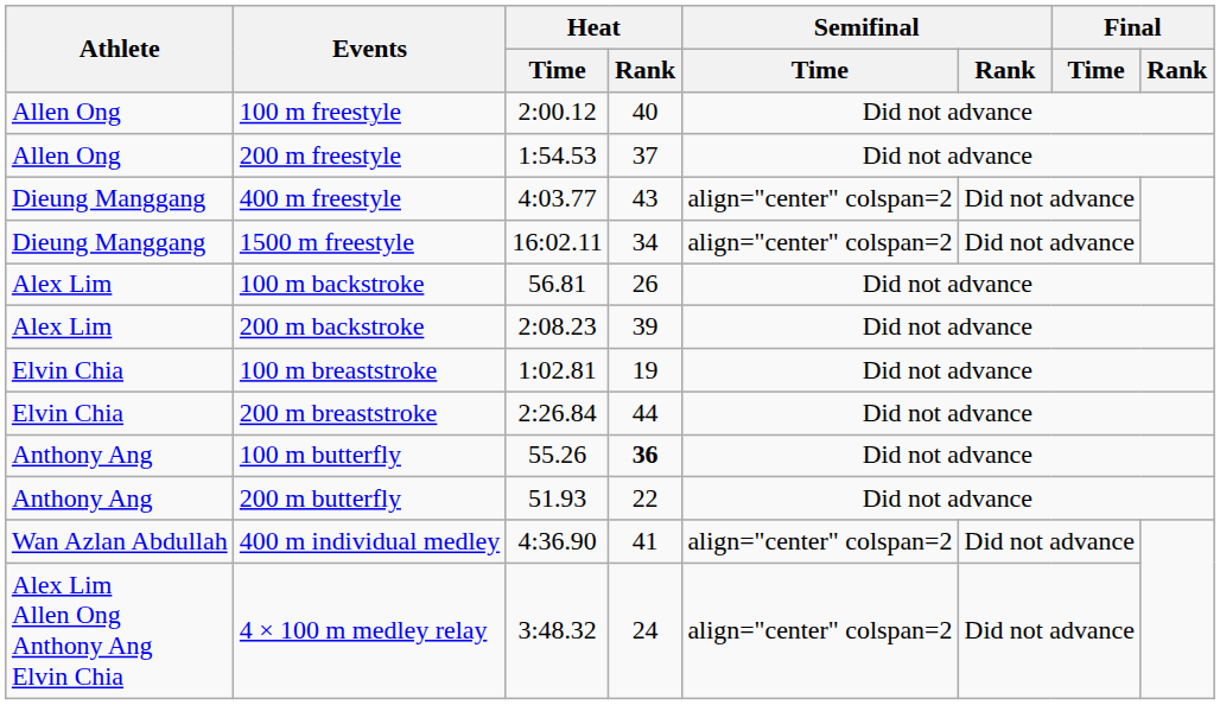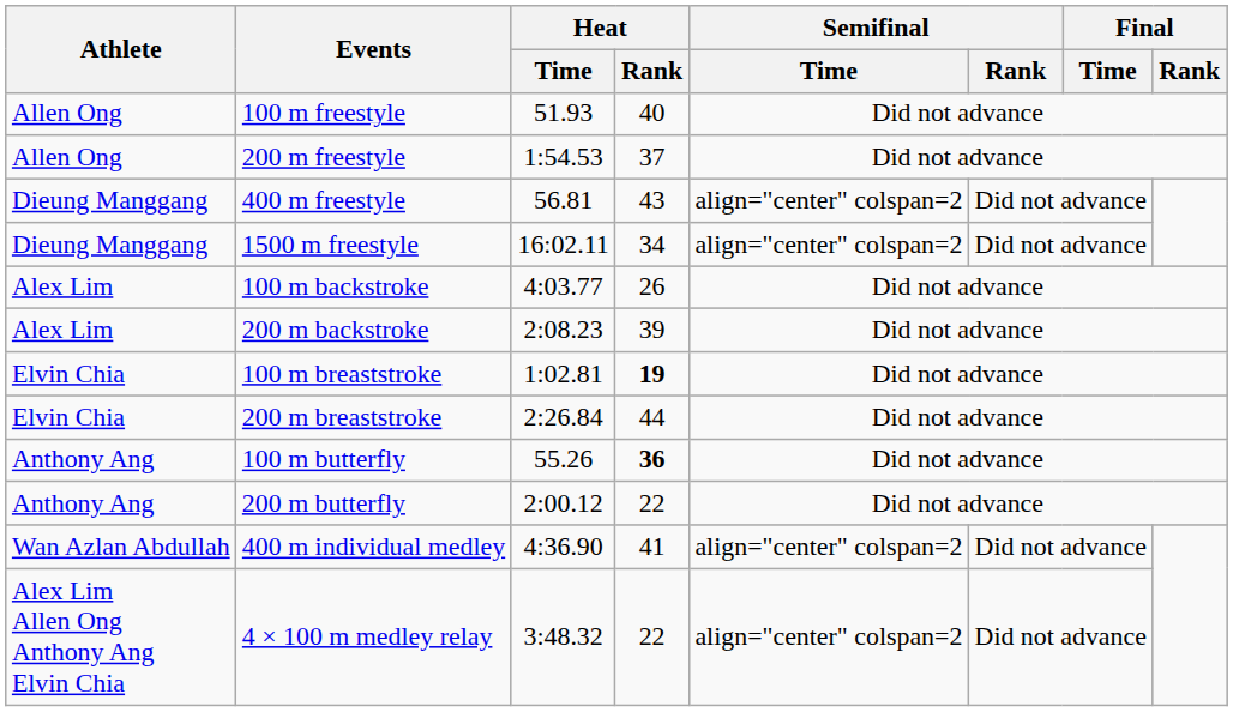 <table class=wikitable style="font-size:90%">
 <tr>
 <th rowspan="2">Athlete</th>
 <th rowspan="2">Events</th>
 <th colspan="2">Heat</th>
 <th colspan="2">Semifinal</th>
 <th colspan="2">Final</th>
 </tr>
 <tr>
 <th>Time</th>
 <th>Rank</th>
 <th>Time</th>
 <th>Rank</th>
 <th>Time</th>
 <th>Rank</th>
 </tr>
 <tr>
 <td><a href='#'>Allen Ong</a></td>
 <td><a href='#'>100 m freestyle</a></td>
-<td align="center">2:00.12</td>
+<td align="center">51.93</td>
 <td align="center">40</td>
 <td align="center" colspan=4>Did not advance</td>
 </tr>
 <tr>
 <td><a href='#'>Allen Ong</a></td>
 <td><a href='#'>200 m freestyle</a></td>
 <td align="center">1:54.53</td>
 <td align="center">37</td>
 <td align="center" colspan=4>Did not advance</td>
 </tr>
 <tr>
 <td><a href='#'>Dieung Manggang</a></td>
 <td><a href='#'>400 m freestyle</a></td>
-<td align="center">4:03.77</td>
+<td align="center">56.81</td>
 <td align="center">43</td>
 <td>align="center" colspan=2 </td>
 <td align="center" colspan=2>Did not advance</td>
 </tr>
 <tr>
 <td><a href='#'>Dieung Manggang</a></td>
 <td><a href='#'>1500 m freestyle</a></td>
 <td align="center">16:02.11</td>
 <td align="center">34</td>
 <td>align="center" colspan=2 </td>
 <td align="center" colspan=2>Did not advance</td>
 </tr>
 <tr>
 <td><a href='#'>Alex Lim</a></td>
 <td><a href='#'>100 m backstroke</a></td>
-<td align="center">56.81</td>
+<td align="center">4:03.77</td>
 <td align="center">26</td>
 <td align="center" colspan=4>Did not advance</td>
 </tr>
 <tr>
 <td><a href='#'>Alex Lim</a></td>
 <td><a href='#'>200 m backstroke</a></td>
 <td align="center">2:08.23</td>
 <td align="center">39</td>
 <td align="center" colspan=4>Did not advance</td>
 </tr>
 <tr>
 <td><a href='#'>Elvin Chia</a></td>
 <td><a href='#'>100 m breaststroke</a></td>
 <td align="center">1:02.81</td>
-<td align="center">19</td>
+<td align="center"><strong>19</strong></td>
 <td align="center" colspan=4>Did not advance</td>
 </tr>
 <tr>
 <td><a href='#'>Elvin Chia</a></td>
 <td><a href='#'>200 m breaststroke</a></td>
 <td align="center">2:26.84</td>
 <td align="center">44</td>
 <td align="center" colspan=4>Did not advance</td>
 </tr>
 <tr>
 <td><a href='#'>Anthony Ang</a></td>
 <td><a href='#'>100 m butterfly</a></td>
 <td align="center">55.26</td>
 <td align="center"><strong>36</strong></td>
 <td align="center" colspan=4>Did not advance</td>
 </tr>
 <tr>
 <td><a href='#'>Anthony Ang</a></td>
 <td><a href='#'>200 m butterfly</a></td>
-<td align="center">51.93</td>
+<td align="center">2:00.12</td>
 <td align="center">22</td>
 <td align="center" colspan=4>Did not advance</td>
 </tr>
 <tr>
 <td><a href='#'>Wan Azlan Abdullah</a></td>
 <td><a href='#'>400 m individual medley</a></td>
 <td align="center">4:36.90</td>
 <td align="center">41</td>
 <td>align="center" colspan=2 </td>
 <td align="center" colspan=2>Did not advance</td>
 </tr>
 <tr>
 <td><a href='#'>Alex Lim</a><br><a href='#'>Allen Ong</a><br><a href='#'>Anthony Ang</a><br><a href='#'>Elvin Chia</a></td>
 <td><a href='#'>4 × 100 m medley relay</a></td>
 <td align="center">3:48.32</td>
-<td align="center">24</td>
+<td align="center">22</td>
 <td>align="center" colspan=2 </td>
 <td align="center" colspan=2>Did not advance</td>
 </tr>
 </table>
